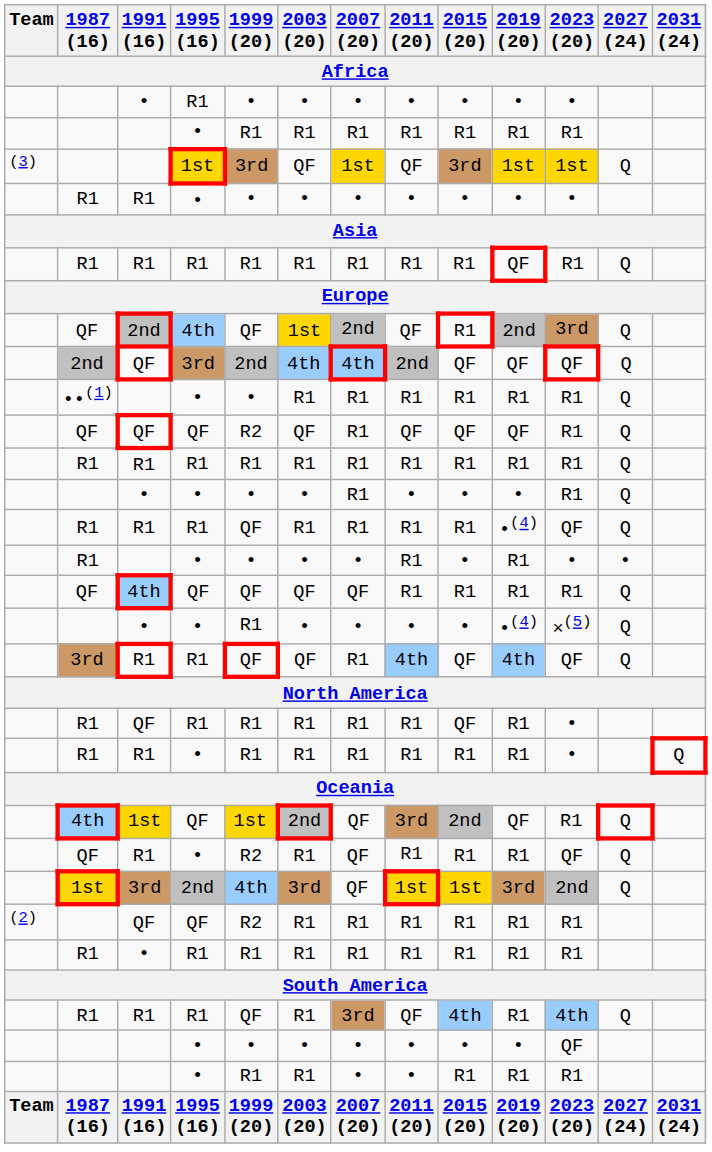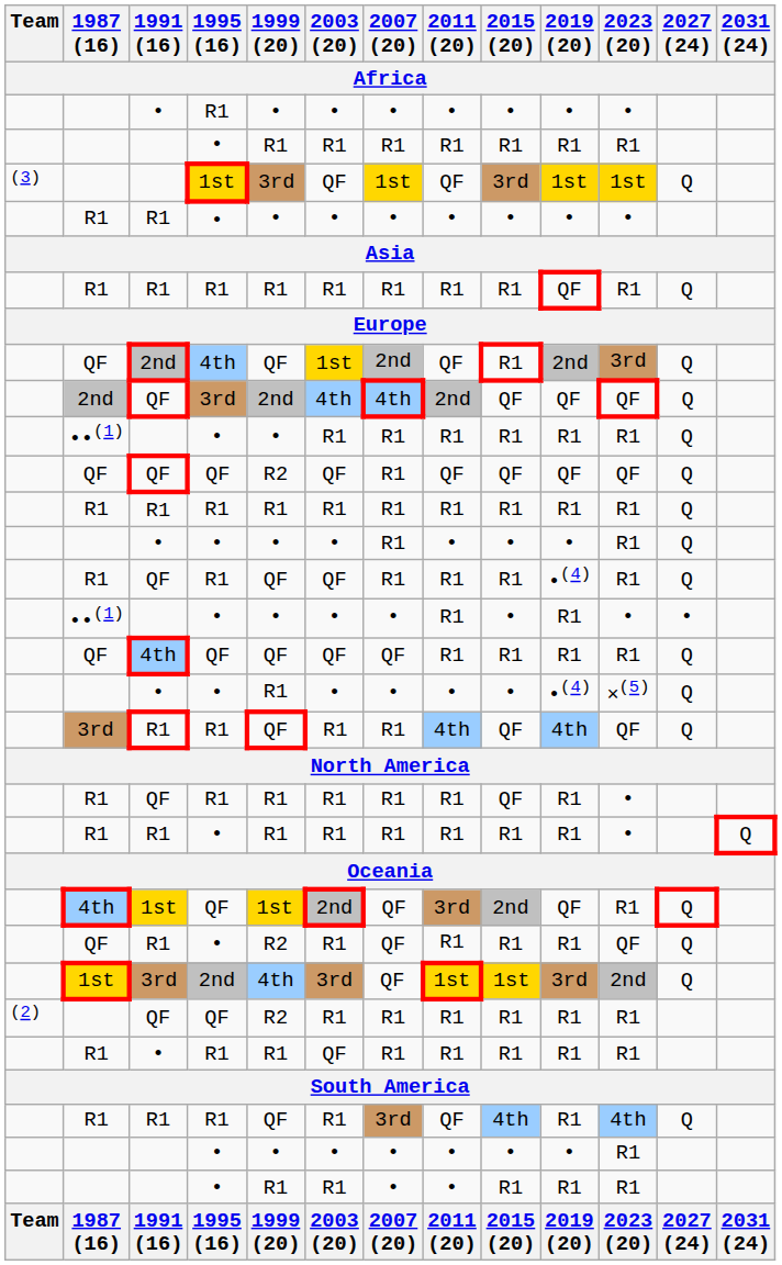 <table class="wikitable" style="text-align:center;">
 <tr valign="top">
 <th>Team</th>
 <th><a href='#'>1987</a><br>(16)</th>
 <th><a href='#'>1991</a><br>(16)</th>
 <th><a href='#'>1995</a><br>(16)</th>
 <th><a href='#'>1999</a><br>(20)</th>
 <th><a href='#'>2003</a><br>(20)</th>
 <th><a href='#'>2007</a><br>(20)</th>
 <th><a href='#'>2011</a><br>(20)</th>
 <th><a href='#'>2015</a><br>(20)</th>
 <th><a href='#'>2019</a><br>(20)</th>
 <th><a href='#'>2023</a><br>(20)</th>
 <th><a href='#'>2027</a><br>(24)</th>
 <th><a href='#'>2031</a><br>(24)</th>
 </tr>
 <tr>
 <th colspan=13><a href='#'>Africa</a></th>
 </tr>
 <tr>
 <td align="left"></td>
 <td></td>
 <td>•</td>
 <td>R1</td>
 <td>•</td>
 <td>•</td>
 <td>•</td>
 <td>•</td>
 <td>•</td>
 <td>•</td>
 <td>•</td>
 <td></td>
 <td></td>
 </tr>
 <tr>
 <td align="left"></td>
 <td></td>
 <td></td>
 <td>•</td>
 <td>R1</td>
 <td>R1</td>
 <td>R1</td>
 <td>R1</td>
 <td>R1</td>
 <td>R1</td>
 <td>R1</td>
 <td></td>
 <td></td>
 </tr>
 <tr>
 <td align="left"><sup>(<a href='#'>3</a>)</sup></td>
 <td></td>
 <td></td>
 <td style="border:3px solid red" bgcolor=Gold>1st</td>
 <td bgcolor=#cc9966>3rd</td>
 <td>QF</td>
 <td bgcolor=Gold>1st</td>
 <td>QF</td>
 <td bgcolor=#cc9966>3rd</td>
 <td bgcolor=Gold>1st</td>
 <td bgcolor=Gold>1st</td>
 <td>Q</td>
 <td></td>
 </tr>
 <tr>
 <td align="left"></td>
 <td>R1</td>
 <td>R1</td>
 <td>•</td>
 <td>•</td>
 <td>•</td>
 <td>•</td>
 <td>•</td>
 <td>•</td>
 <td>•</td>
 <td>•</td>
 <td></td>
 <td></td>
 </tr>
 <tr>
 <th colspan=13><a href='#'>Asia</a></th>
 </tr>
 <tr>
 <td align="left"></td>
 <td>R1</td>
 <td>R1</td>
 <td>R1</td>
 <td>R1</td>
 <td>R1</td>
 <td>R1</td>
 <td>R1</td>
 <td>R1</td>
 <td style="border:3px solid red">QF</td>
 <td>R1</td>
 <td>Q</td>
 <td></td>
 </tr>
 <tr>
 <th colspan=13><a href='#'>Europe</a></th>
 </tr>
 <tr>
 <td align="left"></td>
 <td>QF</td>
 <td style="border:3px solid red" bgcolor=Silver>2nd</td>
 <td bgcolor=#9acdff>4th</td>
 <td>QF</td>
 <td bgcolor=Gold>1st</td>
 <td bgcolor=Silver>2nd</td>
 <td>QF</td>
 <td style="border:3px solid red">R1</td>
 <td bgcolor=Silver>2nd</td>
 <td bgcolor=#cc9966>3rd</td>
 <td>Q</td>
 <td></td>
 </tr>
 <tr>
 <td align="left"></td>
 <td bgcolor=Silver>2nd</td>
 <td style="border:3px solid red">QF</td>
 <td bgcolor=#cc9966>3rd</td>
 <td bgcolor=Silver>2nd</td>
 <td bgcolor=#9acdff>4th</td>
 <td style="border:3px solid red" bgcolor=#9acdff>4th</td>
 <td bgcolor=Silver>2nd</td>
 <td>QF</td>
 <td>QF</td>
 <td style="border:3px solid red">QF</td>
 <td>Q</td>
 <td></td>
 </tr>
 <tr>
 <td align="left"></td>
 <td>••<sup>(<a href='#'>1</a>)</sup></td>
 <td></td>
 <td>•</td>
 <td>•</td>
 <td>R1</td>
 <td>R1</td>
 <td>R1</td>
 <td>R1</td>
 <td>R1</td>
 <td>R1</td>
 <td>Q</td>
 <td></td>
 </tr>
 <tr>
 <td align="left"></td>
 <td>QF</td>
 <td style="border:3px solid red">QF</td>
 <td>QF</td>
 <td>R2</td>
 <td>QF</td>
 <td>R1</td>
 <td>QF</td>
 <td>QF</td>
 <td>QF</td>
-<td>R1</td>
+<td>QF</td>
 <td>Q</td>
 </tr>
 <tr>
 <td align="left"></td>
 <td>R1</td>
 <td>R1</td>
 <td>R1</td>
 <td>R1</td>
 <td>R1</td>
 <td>R1</td>
 <td>R1</td>
 <td>R1</td>
 <td>R1</td>
 <td>R1</td>
 <td>Q</td>
 <td></td>
 </tr>
 <tr>
 <td align="left"></td>
 <td></td>
 <td>•</td>
 <td>•</td>
 <td>•</td>
 <td>•</td>
 <td>R1</td>
 <td>•</td>
 <td>•</td>
 <td>•</td>
 <td>R1</td>
 <td>Q</td>
 <td></td>
 </tr>
 <tr>
 <td align="left"></td>
 <td>R1</td>
+<td>QF</td>
 <td>R1</td>
-<td>R1</td>
+<td>QF</td>
 <td>QF</td>
 <td>R1</td>
 <td>R1</td>
 <td>R1</td>
+<td>•<sup>(<a href='#'>4</a>)</sup></td>
 <td>R1</td>
-<td>•<sup>(<a href='#'>4</a>)</sup></td>
-<td>QF</td>
 <td>Q</td>
 <td></td>
 </tr>
 <tr>
 <td align="left"></td>
-<td>R1</td>
+<td>••<sup>(<a href='#'>1</a>)</sup></td>
 <td></td>
 <td>•</td>
 <td>•</td>
 <td>•</td>
 <td>•</td>
 <td>R1</td>
 <td>•</td>
 <td>R1</td>
 <td>•</td>
 <td>•</td>
 <td></td>
 </tr>
 <tr>
 <td align="left"></td>
 <td>QF</td>
 <td style="border:3px solid red" bgcolor=#9acdff>4th</td>
 <td>QF</td>
 <td>QF</td>
 <td>QF</td>
 <td>QF</td>
 <td>R1</td>
 <td>R1</td>
 <td>R1</td>
 <td>R1</td>
 <td>Q</td>
 <td></td>
 </tr>
 <tr>
 <td align="left"></td>
 <td></td>
 <td>•</td>
 <td>•</td>
 <td>R1</td>
 <td>•</td>
 <td>•</td>
 <td>•</td>
 <td>•</td>
 <td>•<sup>(<a href='#'>4</a>)</sup></td>
 <td>×<sup>(<a href='#'>5</a>)</sup></td>
 <td>Q</td>
 <td></td>
 </tr>
 <tr>
 <td align="left"></td>
 <td bgcolor=#cc9966>3rd</td>
 <td style="border:3px solid red">R1</td>
 <td>R1</td>
 <td style="border:3px solid red">QF</td>
-<td>QF</td>
+<td>R1</td>
 <td>R1</td>
 <td bgcolor=#9acdff>4th</td>
 <td>QF</td>
 <td bgcolor=#9acdff>4th</td>
 <td>QF</td>
 <td>Q</td>
 <td></td>
 </tr>
 <tr>
 <th colspan=13><a href='#'>North America</a></th>
 </tr>
 <tr>
 <td align="left"></td>
 <td>R1</td>
 <td>QF</td>
 <td>R1</td>
 <td>R1</td>
 <td>R1</td>
 <td>R1</td>
 <td>R1</td>
 <td>QF</td>
 <td>R1</td>
 <td>•</td>
 <td></td>
 <td></td>
 </tr>
 <tr>
 <td align="left"></td>
 <td>R1</td>
 <td>R1</td>
 <td>•</td>
 <td>R1</td>
 <td>R1</td>
 <td>R1</td>
 <td>R1</td>
 <td>R1</td>
 <td>R1</td>
 <td>•</td>
 <td></td>
 <td style="border:3px solid red">Q</td>
 </tr>
 <tr>
 <th colspan=13><a href='#'>Oceania</a></th>
 </tr>
 <tr>
 <td align="left"></td>
 <td style="border:3px solid red" bgcolor=#9acdff>4th</td>
 <td bgcolor=Gold>1st</td>
 <td>QF</td>
 <td bgcolor=Gold>1st</td>
 <td style="border:3px solid red" bgcolor=Silver>2nd</td>
 <td>QF</td>
 <td bgcolor=#cc9966>3rd</td>
 <td bgcolor=Silver>2nd</td>
 <td>QF</td>
 <td>R1</td>
 <td style="border:3px solid red">Q</td>
 <td></td>
 </tr>
 <tr>
 <td align="left"></td>
 <td>QF</td>
 <td>R1</td>
 <td>•</td>
 <td>R2</td>
 <td>R1</td>
 <td>QF</td>
 <td>R1</td>
 <td>R1</td>
 <td>R1</td>
 <td>QF</td>
 <td>Q</td>
 <td></td>
 </tr>
 <tr>
 <td align="left"></td>
 <td style="border:3px solid red" bgcolor=Gold>1st</td>
 <td bgcolor=#cc9966>3rd</td>
 <td bgcolor=Silver>2nd</td>
 <td bgcolor=#9acdff>4th</td>
 <td bgcolor=#cc9966>3rd</td>
 <td>QF</td>
 <td style="border:3px solid red" bgcolor=Gold>1st</td>
 <td bgcolor=Gold>1st</td>
 <td bgcolor=#cc9966>3rd</td>
 <td bgcolor=Silver>2nd</td>
 <td>Q</td>
 <td></td>
 </tr>
 <tr>
 <td align="left"><sup>(<a href='#'>2</a>)</sup></td>
 <td></td>
 <td>QF</td>
 <td>QF</td>
 <td>R2</td>
 <td>R1</td>
 <td>R1</td>
 <td>R1</td>
 <td>R1</td>
 <td>R1</td>
 <td>R1</td>
 <td></td>
 <td></td>
 </tr>
 <tr>
 <td align="left"></td>
 <td>R1</td>
 <td>•</td>
 <td>R1</td>
 <td>R1</td>
-<td>R1</td>
+<td>QF</td>
 <td>R1</td>
 <td>R1</td>
 <td>R1</td>
 <td>R1</td>
 <td>R1</td>
 <td></td>
 <td></td>
 </tr>
 <tr>
 <th colspan=13><a href='#'>South America</a></th>
 </tr>
 <tr>
 <td align="left"></td>
 <td>R1</td>
 <td>R1</td>
 <td>R1</td>
 <td>QF</td>
 <td>R1</td>
 <td bgcolor=#cc9966>3rd</td>
 <td>QF</td>
 <td bgcolor=#9acdff>4th</td>
 <td>R1</td>
 <td bgcolor=#9acdff>4th</td>
 <td>Q</td>
 <td></td>
 </tr>
 <tr>
 <td align="left"></td>
 <td></td>
 <td></td>
 <td>•</td>
 <td>•</td>
 <td>•</td>
 <td>•</td>
 <td>•</td>
 <td>•</td>
 <td>•</td>
-<td>QF</td>
+<td>R1</td>
 <td></td>
 <td></td>
 </tr>
 <tr>
 <td align="left"></td>
 <td></td>
 <td></td>
 <td>•</td>
 <td>R1</td>
 <td>R1</td>
 <td>•</td>
 <td>•</td>
 <td>R1</td>
 <td>R1</td>
 <td>R1</td>
 <td></td>
 <td></td>
 </tr>
 <tr valign="top">
 <th>Team</th>
 <th><a href='#'>1987</a><br>(16)</th>
 <th><a href='#'>1991</a><br>(16)</th>
 <th><a href='#'>1995</a><br>(16)</th>
 <th><a href='#'>1999</a><br>(20)</th>
 <th><a href='#'>2003</a><br>(20)</th>
 <th><a href='#'>2007</a><br>(20)</th>
 <th><a href='#'>2011</a><br>(20)</th>
 <th><a href='#'>2015</a><br>(20)</th>
 <th><a href='#'>2019</a><br>(20)</th>
 <th><a href='#'>2023</a><br>(20)</th>
 <th><a href='#'>2027</a><br>(24)</th>
 <th><a href='#'>2031</a><br>(24)</th>
 </tr>
 </table>
